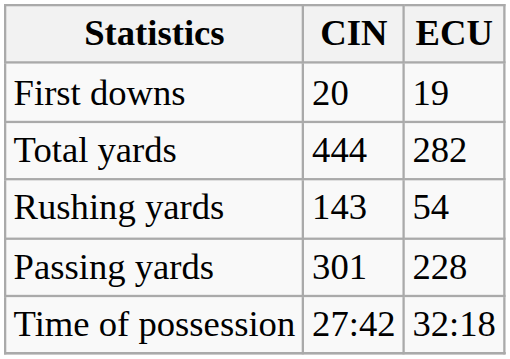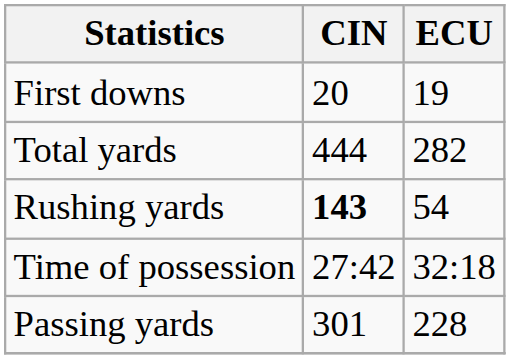 <table class="wikitable">
 <tr>
 <th>Statistics</th>
 <th>CIN</th>
 <th>ECU</th>
 </tr>
 <tr>
 <td>First downs</td>
 <td>20</td>
 <td>19</td>
 </tr>
 <tr>
 <td>Total yards</td>
 <td>444</td>
 <td>282</td>
 </tr>
 <tr>
 <td>Rushing yards</td>
-<td>143</td>
+<td><strong>143</strong></td>
 <td>54</td>
+</tr>
+<tr>
+<td>Time of possession</td>
+<td>27:42</td>
+<td>32:18</td>
 </tr>
 <tr>
 <td>Passing yards</td>
 <td>301</td>
 <td>228</td>
 </tr>
 <tr>
-<td>Time of possession</td>
-<td>27:42</td>
-<td>32:18</td>
-</tr>
-<tr>
 </tr>
 </table>
